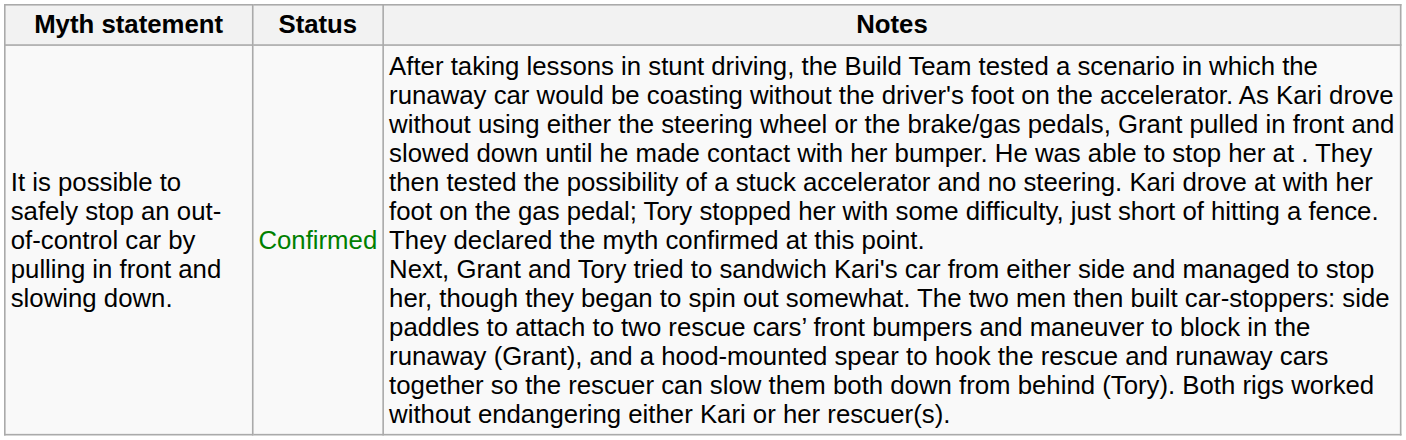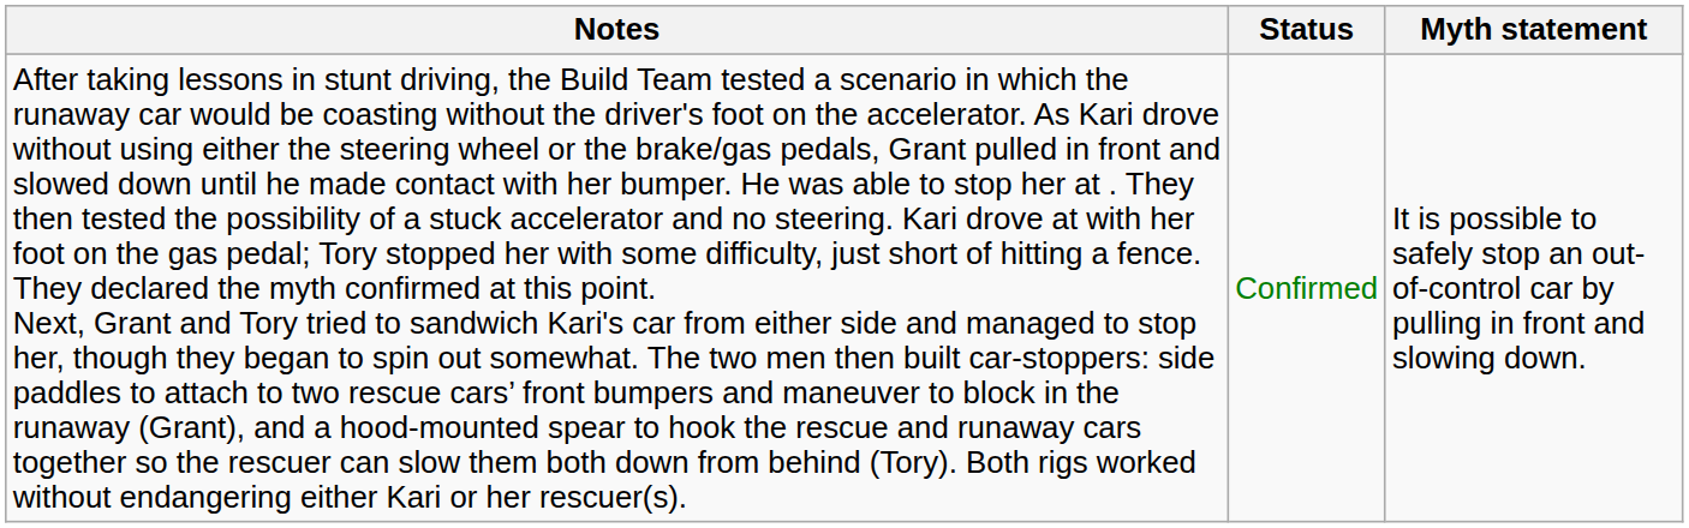 <table class="wikitable plainrowheaders">
 <tr>
+<th>Notes</th>
+<th>Status</th>
 <th>Myth statement</th>
-<th>Status</th>
-<th>Notes</th>
 </tr>
 <tr>
+<td>After taking lessons in stunt driving, the Build Team tested a scenario in which the runaway car would be coasting without the driver's foot on the accelerator. As Kari drove without using either the steering wheel or the brake/gas pedals, Grant pulled in front and slowed down until he made contact with her bumper. He was able to stop her at . They then tested the possibility of a stuck accelerator and no steering. Kari drove at  with her foot on the gas pedal; Tory stopped her with some difficulty, just short of hitting a fence. They declared the myth confirmed at this point.<br>Next, Grant and Tory tried to sandwich Kari's car from either side and managed to stop her, though they began to spin out somewhat. The two men then built car-stoppers: side paddles to attach to two rescue cars’ front bumpers and maneuver to block in the runaway (Grant), and a hood-mounted spear to hook the rescue and runaway cars together so the rescuer can slow them both down from behind (Tory). Both rigs worked without endangering either Kari or her rescuer(s).</td>
+<td style="color:green">Confirmed</td>
 <td>It is possible to safely stop an out-of-control car by pulling in front and slowing down.</td>
-<td style="color:green">Confirmed</td>
-<td>After taking lessons in stunt driving, the Build Team tested a scenario in which the runaway car would be coasting without the driver's foot on the accelerator. As Kari drove without using either the steering wheel or the brake/gas pedals, Grant pulled in front and slowed down until he made contact with her bumper. He was able to stop her at . They then tested the possibility of a stuck accelerator and no steering. Kari drove at  with her foot on the gas pedal; Tory stopped her with some difficulty, just short of hitting a fence. They declared the myth confirmed at this point.<br>Next, Grant and Tory tried to sandwich Kari's car from either side and managed to stop her, though they began to spin out somewhat. The two men then built car-stoppers: side paddles to attach to two rescue cars’ front bumpers and maneuver to block in the runaway (Grant), and a hood-mounted spear to hook the rescue and runaway cars together so the rescuer can slow them both down from behind (Tory). Both rigs worked without endangering either Kari or her rescuer(s).</td>
 </tr>
 </table>
